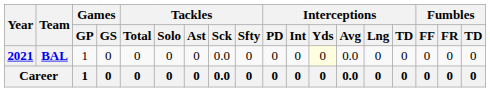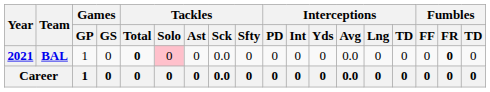 <table class="wikitable" style="text-align:center;">
 <tr>
 <th rowspan="2">Year</th>
 <th rowspan="2">Team</th>
 <th colspan="2">Games</th>
 <th colspan="5">Tackles</th>
 <th colspan="6">Interceptions</th>
 <th colspan="3">Fumbles</th>
 </tr>
 <tr>
 <th>GP</th>
 <th>GS</th>
 <th>Total</th>
 <th>Solo</th>
 <th>Ast</th>
 <th>Sck</th>
 <th>Sfty</th>
 <th>PD</th>
 <th>Int</th>
 <th>Yds</th>
 <th>Avg</th>
 <th>Lng</th>
 <th>TD</th>
 <th>FF</th>
 <th>FR</th>
 <th>TD</th>
 </tr>
 <tr>
 <th><a href='#'>2021</a></th>
 <th><a href='#'>BAL</a></th>
 <td>1</td>
 <td>0</td>
+<td><strong>0</strong></td>
+<td style="background: pink;">0</td>
+<td>0</td>
+<td>0.0</td>
+<td>0</td>
 <td>0</td>
 <td>0</td>
 <td>0</td>
 <td>0.0</td>
 <td>0</td>
 <td>0</td>
 <td>0</td>
-<td style="background: lightyellow;">0</td>
-<td>0.0</td>
-<td>0</td>
-<td>0</td>
-<td>0</td>
-<td>0</td>
+<td><strong>0</strong></td>
 <td>0</td>
 </tr>
 <tr>
 <th colspan="2">Career</th>
 <th>1</th>
 <th>0</th>
 <th>0</th>
 <th>0</th>
 <th>0</th>
 <th>0.0</th>
 <th>0</th>
 <th>0</th>
 <th>0</th>
 <th>0</th>
 <th>0.0</th>
 <th>0</th>
 <th>0</th>
 <th>0</th>
 <th>0</th>
 <th>0</th>
 </tr>
 </table>
